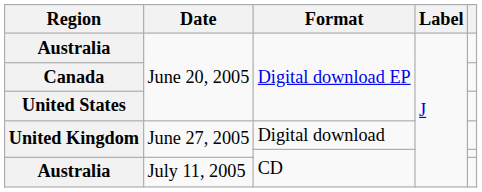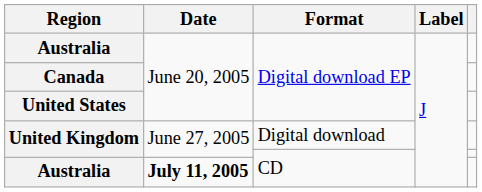 <table class="wikitable plainrowheaders">
 <tr>
 <th scope="col">Region</th>
 <th scope="col">Date</th>
 <th scope="col">Format</th>
 <th scope="col">Label</th>
 <th scope="col"></th>
 </tr>
 <tr>
 <th scope="row">Australia</th>
 <td rowspan="3">June 20, 2005</td>
 <td rowspan="3"><a href='#'>Digital download EP</a></td>
 <td rowspan="6"><a href='#'>J</a></td>
 <td align="center"></td>
 </tr>
 <tr>
 <th scope="row">Canada</th>
 <td align="center"></td>
 </tr>
 <tr>
 <th scope="row">United States</th>
 <td align="center"></td>
 </tr>
 <tr>
 <th scope="row" rowspan="2">United Kingdom</th>
 <td rowspan="2">June 27, 2005</td>
 <td>Digital download</td>
 <td align="center"></td>
 </tr>
 <tr>
 <td rowspan="2">CD</td>
 <td align="center"></td>
 </tr>
 <tr>
 <th scope="row">Australia</th>
-<td>July 11, 2005</td>
+<td><strong>July 11, 2005</strong></td>
 <td align="center"></td>
 </tr>
 </table>
